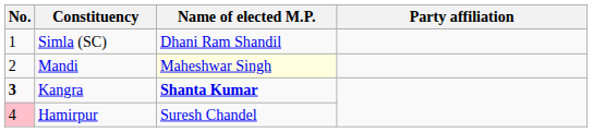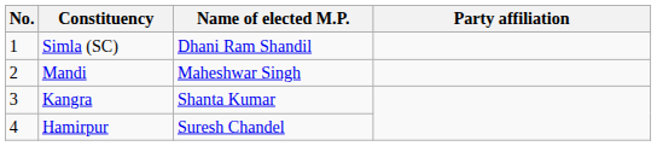 <table class="wikitable">
 <tr style="background:#ccc; text-align:center;">
 <th>No.</th>
 <th style="width:120px">Constituency</th>
 <th style="width:180px">Name of elected M.P.</th>
 <th colspan="2" style="width:18em">Party affiliation</th>
 </tr>
 <tr>
 <td>1</td>
 <td><a href='#'>Simla</a> (SC)</td>
 <td><a href='#'>Dhani Ram Shandil</a></td>
 <td></td>
 </tr>
 <tr>
 <td>2</td>
 <td><a href='#'>Mandi</a></td>
-<td style="background: lightyellow;"><a href='#'>Maheshwar Singh</a></td>
+<td><a href='#'>Maheshwar Singh</a></td>
 <td></td>
 </tr>
 <tr>
-<td><strong>3</strong></td>
+<td>3</td>
 <td><a href='#'>Kangra</a></td>
-<td><strong><a href='#'>Shanta Kumar</a></strong></td>
+<td><a href='#'>Shanta Kumar</a></td>
 </tr>
 <tr>
-<td style="background: pink;">4</td>
+<td>4</td>
 <td><a href='#'>Hamirpur</a></td>
 <td><a href='#'>Suresh Chandel</a></td>
 </tr>
 </table>
